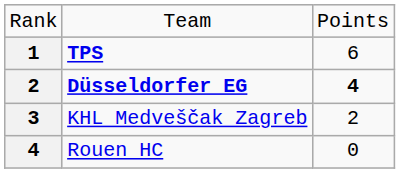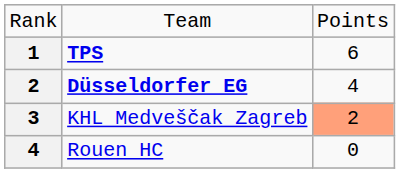 <table class="wikitable" style="text-align: center;">
 <tr>
 <td>Rank</td>
 <td>Team</td>
 <td>Points</td>
 </tr>
 <tr>
 <th>1</th>
 <td style="text-align: left;"> <strong><a href='#'>TPS</a></strong></td>
 <td>6</td>
 </tr>
 <tr>
 <th>2</th>
 <td style="text-align: left;"> <strong><a href='#'>Düsseldorfer EG</a></strong></td>
-<td><strong>4</strong></td>
+<td>4</td>
 </tr>
 <tr>
 <th>3</th>
 <td style="text-align: left;"> <a href='#'>KHL Medveščak Zagreb</a></td>
-<td>2</td>
+<td style="background: lightsalmon;">2</td>
 </tr>
 <tr>
 <th>4</th>
 <td style="text-align: left;"> <a href='#'>Rouen HC</a></td>
 <td>0</td>
 </tr>
 </table>
